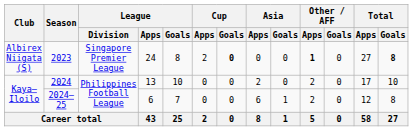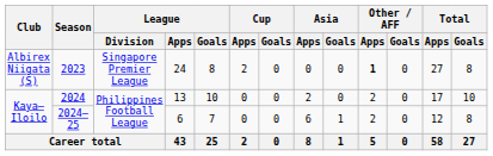 <table class=wikitable style=text-align:center>
 <tr>
 <th rowspan=2>Club</th>
 <th rowspan=2>Season</th>
 <th colspan=3>League</th>
 <th colspan=2>Cup</th>
 <th colspan=2>Asia</th>
 <th colspan=2>Other / AFF</th>
 <th colspan=2>Total</th>
 </tr>
 <tr>
 <th>Division</th>
 <th>Apps</th>
 <th>Goals</th>
 <th>Apps</th>
 <th>Goals</th>
 <th>Apps</th>
 <th>Goals</th>
 <th>Apps</th>
 <th>Goals</th>
 <th>Apps</th>
 <th>Goals</th>
 </tr>
 <tr>
 <td><a href='#'>Albirex Niigata (S)</a></td>
 <td><a href='#'>2023</a></td>
 <td><a href='#'>Singapore Premier League</a></td>
 <td>24</td>
 <td>8</td>
 <td>2</td>
-<td><strong>0</strong></td>
+<td>0</td>
 <td>0</td>
 <td>0</td>
 <td><strong>1</strong></td>
 <td>0</td>
 <td>27</td>
-<td><strong>8</strong></td>
+<td>8</td>
 </tr>
 <tr>
 <td rowspan="2"><a href='#'>Kaya–Iloilo</a></td>
 <td><a href='#'>2024</a></td>
 <td rowspan="2"><a href='#'>Philippines Football League</a></td>
 <td>13</td>
 <td>10</td>
 <td>0</td>
 <td>0</td>
 <td>2</td>
 <td>0</td>
 <td>2</td>
 <td>0</td>
 <td>17</td>
 <td>10</td>
 </tr>
 <tr>
 <td><a href='#'>2024–25</a></td>
 <td>6</td>
 <td>7</td>
 <td>0</td>
 <td>0</td>
 <td>6</td>
 <td>1</td>
 <td>2</td>
 <td>0</td>
 <td>12</td>
 <td>8</td>
 </tr>
 <tr>
 <th colspan="3">Career total</th>
 <th>43</th>
 <th>25</th>
 <th>2</th>
 <th>0</th>
 <th>8</th>
 <th>1</th>
 <th>5</th>
 <th>0</th>
 <th>58</th>
 <th>27</th>
 </tr>
 </table>
